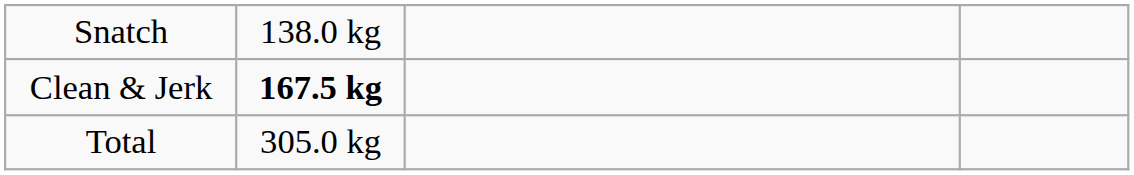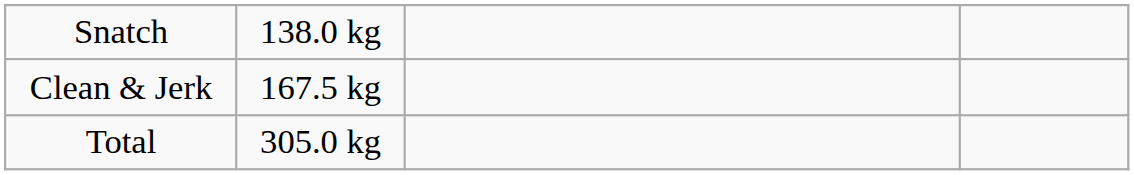 <table class = "wikitable" style="text-align:center;">
 <tr>
 <td width=100>Snatch</td>
 <td width=70>138.0 kg</td>
 <td width=250 align=left></td>
 <td width=70></td>
 </tr>
 <tr>
 <td>Clean & Jerk</td>
-<td><strong>167.5 kg</strong></td>
+<td>167.5 kg</td>
 <td align=left></td>
 <td></td>
 </tr>
 <tr>
 <td>Total</td>
 <td>305.0 kg</td>
 <td align=left></td>
 <td></td>
 </tr>
 </table>
